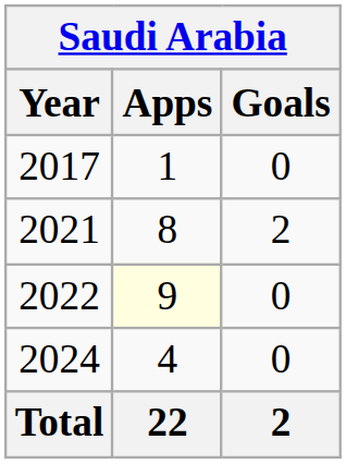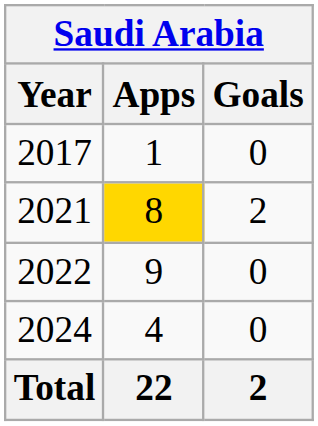 <table class="wikitable" style="text-align:center">
 <tr>
 <th colspan=3><a href='#'>Saudi Arabia</a></th>
 </tr>
 <tr>
 <th>Year</th>
 <th>Apps</th>
 <th>Goals</th>
 </tr>
 <tr>
 <td>2017</td>
 <td>1</td>
 <td>0</td>
 </tr>
 <tr>
 <td>2021</td>
-<td>8</td>
+<td style="background: gold;">8</td>
 <td>2</td>
 </tr>
 <tr>
 <td>2022</td>
-<td style="background: lightyellow;">9</td>
+<td>9</td>
 <td>0</td>
 </tr>
 <tr>
 <td>2024</td>
 <td>4</td>
 <td>0</td>
 </tr>
 <tr>
 <th>Total</th>
 <th>22</th>
 <th>2</th>
 </tr>
 </table>
